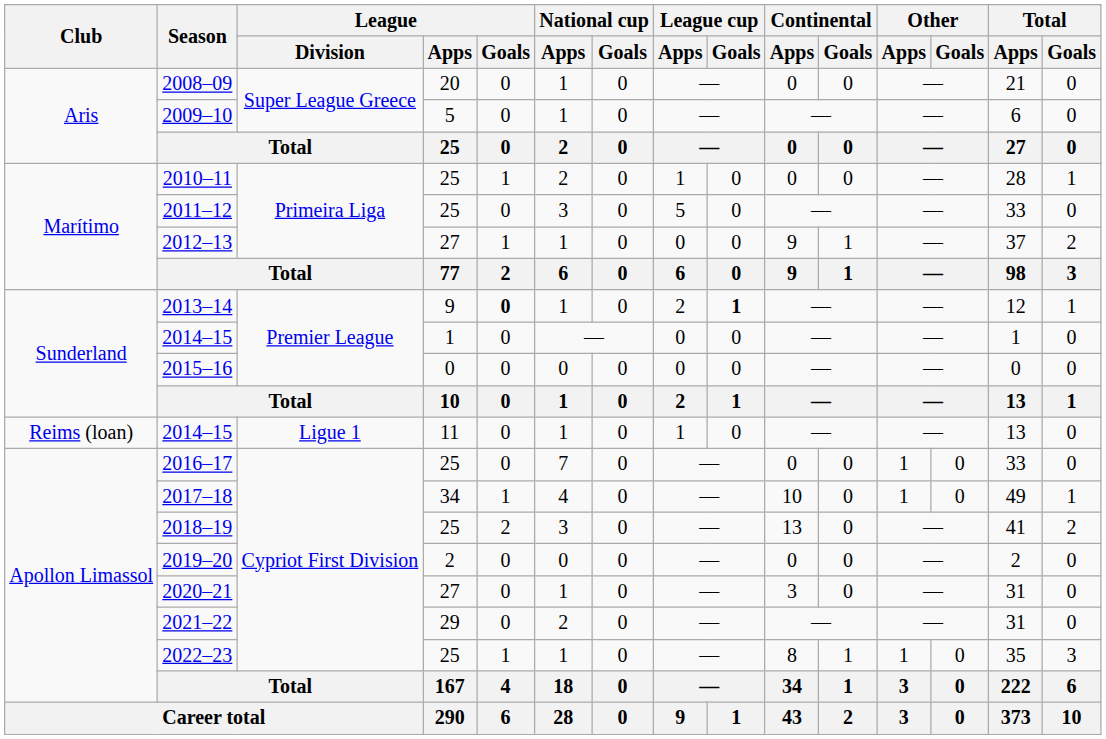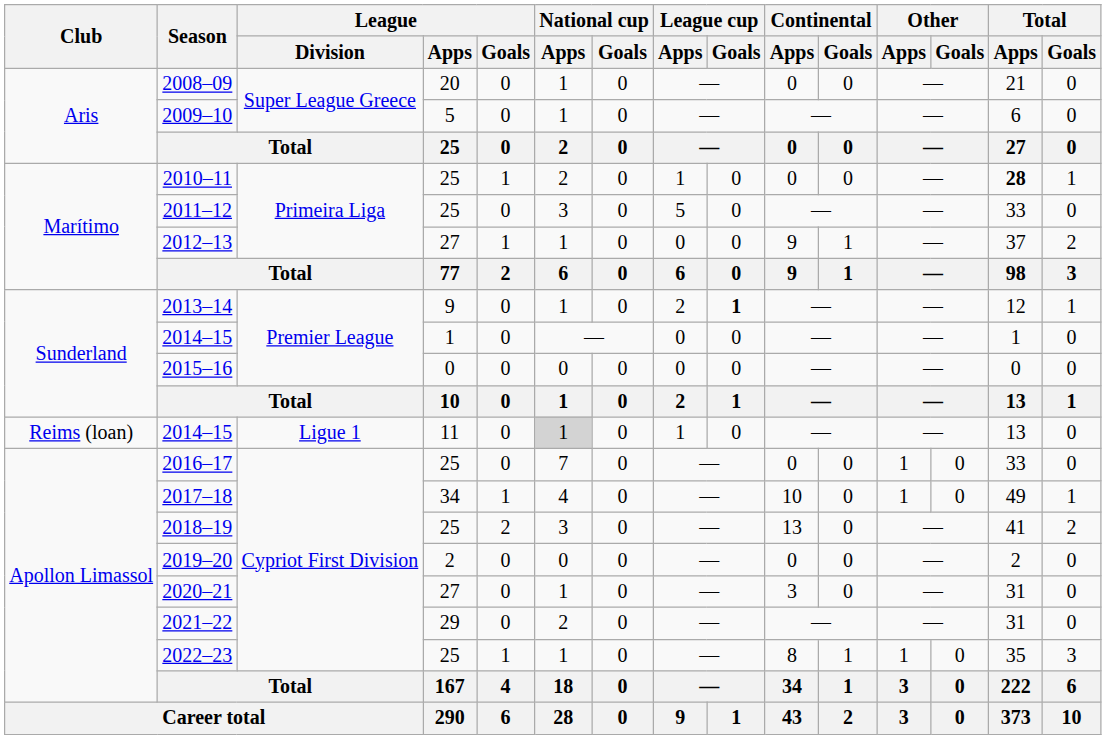 <table class="wikitable" style="text-align: center;">
 <tr>
 <th rowspan="2">Club</th>
 <th rowspan="2">Season</th>
 <th colspan="3">League</th>
 <th colspan="2">National cup</th>
 <th colspan="2">League cup</th>
 <th colspan="2">Continental</th>
 <th colspan="2">Other</th>
 <th colspan="2">Total</th>
 </tr>
 <tr>
 <th>Division</th>
 <th>Apps</th>
 <th>Goals</th>
 <th>Apps</th>
 <th>Goals</th>
 <th>Apps</th>
 <th>Goals</th>
 <th>Apps</th>
 <th>Goals</th>
 <th>Apps</th>
 <th>Goals</th>
 <th>Apps</th>
 <th>Goals</th>
 </tr>
 <tr>
 <td rowspan="3"><a href='#'>Aris</a></td>
 <td><a href='#'>2008–09</a></td>
 <td rowspan="2"><a href='#'>Super League Greece</a></td>
 <td>20</td>
 <td>0</td>
 <td>1</td>
 <td>0</td>
 <td colspan="2">—</td>
 <td>0</td>
 <td>0</td>
 <td colspan="2">—</td>
 <td>21</td>
 <td>0</td>
 </tr>
 <tr>
 <td><a href='#'>2009–10</a></td>
 <td>5</td>
 <td>0</td>
 <td>1</td>
 <td>0</td>
 <td colspan="2">—</td>
 <td colspan="2">—</td>
 <td colspan="2">—</td>
 <td>6</td>
 <td>0</td>
 </tr>
 <tr>
 <th colspan="2">Total</th>
 <th>25</th>
 <th>0</th>
 <th>2</th>
 <th>0</th>
 <th colspan="2">—</th>
 <th>0</th>
 <th>0</th>
 <th colspan="2">—</th>
 <th>27</th>
 <th>0</th>
 </tr>
 <tr>
 <td rowspan="4"><a href='#'>Marítimo</a></td>
 <td><a href='#'>2010–11</a></td>
 <td rowspan="3"><a href='#'>Primeira Liga</a></td>
 <td>25</td>
 <td>1</td>
 <td>2</td>
 <td>0</td>
 <td>1</td>
 <td>0</td>
 <td>0</td>
 <td>0</td>
 <td colspan="2">—</td>
-<td>28</td>
+<td><strong>28</strong></td>
 <td>1</td>
 </tr>
 <tr>
 <td><a href='#'>2011–12</a></td>
 <td>25</td>
 <td>0</td>
 <td>3</td>
 <td>0</td>
 <td>5</td>
 <td>0</td>
 <td colspan="2">—</td>
 <td colspan="2">—</td>
 <td>33</td>
 <td>0</td>
 </tr>
 <tr>
 <td><a href='#'>2012–13</a></td>
 <td>27</td>
 <td>1</td>
 <td>1</td>
 <td>0</td>
 <td>0</td>
 <td>0</td>
 <td>9</td>
 <td>1</td>
 <td colspan="2">—</td>
 <td>37</td>
 <td>2</td>
 </tr>
 <tr>
 <th colspan="2">Total</th>
 <th>77</th>
 <th>2</th>
 <th>6</th>
 <th>0</th>
 <th>6</th>
 <th>0</th>
 <th>9</th>
 <th>1</th>
 <th colspan="2">—</th>
 <th>98</th>
 <th>3</th>
 </tr>
 <tr>
 <td rowspan="4"><a href='#'>Sunderland</a></td>
 <td><a href='#'>2013–14</a></td>
 <td rowspan="3"><a href='#'>Premier League</a></td>
 <td>9</td>
-<td><strong>0</strong></td>
+<td>0</td>
 <td>1</td>
 <td>0</td>
 <td>2</td>
 <td><strong>1</strong></td>
 <td colspan="2">—</td>
 <td colspan="2">—</td>
 <td>12</td>
 <td>1</td>
 </tr>
 <tr>
 <td><a href='#'>2014–15</a></td>
 <td>1</td>
 <td>0</td>
 <td colspan="2">—</td>
 <td>0</td>
 <td>0</td>
 <td colspan="2">—</td>
 <td colspan="2">—</td>
 <td>1</td>
 <td>0</td>
 </tr>
 <tr>
 <td><a href='#'>2015–16</a></td>
 <td>0</td>
 <td>0</td>
 <td>0</td>
 <td>0</td>
 <td>0</td>
 <td>0</td>
 <td colspan="2">—</td>
 <td colspan="2">—</td>
 <td>0</td>
 <td>0</td>
 </tr>
 <tr>
 <th colspan="2">Total</th>
 <th>10</th>
 <th>0</th>
 <th>1</th>
 <th>0</th>
 <th>2</th>
 <th>1</th>
 <th colspan="2">—</th>
 <th colspan="2">—</th>
 <th>13</th>
 <th>1</th>
 </tr>
 <tr>
 <td><a href='#'>Reims</a> (loan)</td>
 <td><a href='#'>2014–15</a></td>
 <td><a href='#'>Ligue 1</a></td>
 <td>11</td>
 <td>0</td>
-<td>1</td>
+<td style="background: lightgrey;">1</td>
 <td>0</td>
 <td>1</td>
 <td>0</td>
 <td colspan="2">—</td>
 <td colspan="2">—</td>
 <td>13</td>
 <td>0</td>
 </tr>
 <tr>
 <td rowspan="8"><a href='#'>Apollon Limassol</a></td>
 <td><a href='#'>2016–17</a></td>
 <td rowspan="7"><a href='#'>Cypriot First Division</a></td>
 <td>25</td>
 <td>0</td>
 <td>7</td>
 <td>0</td>
 <td colspan="2">—</td>
 <td>0</td>
 <td>0</td>
 <td>1</td>
 <td>0</td>
 <td>33</td>
 <td>0</td>
 </tr>
 <tr>
 <td><a href='#'>2017–18</a></td>
 <td>34</td>
 <td>1</td>
 <td>4</td>
 <td>0</td>
 <td colspan="2">—</td>
 <td>10</td>
 <td>0</td>
 <td>1</td>
 <td>0</td>
 <td>49</td>
 <td>1</td>
 </tr>
 <tr>
 <td><a href='#'>2018–19</a></td>
 <td>25</td>
 <td>2</td>
 <td>3</td>
 <td>0</td>
 <td colspan="2">—</td>
 <td>13</td>
 <td>0</td>
 <td colspan="2">—</td>
 <td>41</td>
 <td>2</td>
 </tr>
 <tr>
 <td><a href='#'>2019–20</a></td>
 <td>2</td>
 <td>0</td>
 <td>0</td>
 <td>0</td>
 <td colspan="2">—</td>
 <td>0</td>
 <td>0</td>
 <td colspan="2">—</td>
 <td>2</td>
 <td>0</td>
 </tr>
 <tr>
 <td><a href='#'>2020–21</a></td>
 <td>27</td>
 <td>0</td>
 <td>1</td>
 <td>0</td>
 <td colspan="2">—</td>
 <td>3</td>
 <td>0</td>
 <td colspan="2">—</td>
 <td>31</td>
 <td>0</td>
 </tr>
 <tr>
 <td><a href='#'>2021–22</a></td>
 <td>29</td>
 <td>0</td>
 <td>2</td>
 <td>0</td>
 <td colspan="2">—</td>
 <td colspan="2">—</td>
 <td colspan="2">—</td>
 <td>31</td>
 <td>0</td>
 </tr>
 <tr>
 <td><a href='#'>2022–23</a></td>
 <td>25</td>
 <td>1</td>
 <td>1</td>
 <td>0</td>
 <td colspan="2">—</td>
 <td>8</td>
 <td>1</td>
 <td>1</td>
 <td>0</td>
 <td>35</td>
 <td>3</td>
 </tr>
 <tr>
 <th colspan="2">Total</th>
 <th>167</th>
 <th>4</th>
 <th>18</th>
 <th>0</th>
 <th colspan="2">—</th>
 <th>34</th>
 <th>1</th>
 <th>3</th>
 <th>0</th>
 <th>222</th>
 <th>6</th>
 </tr>
 <tr>
 <th colspan=3>Career total</th>
 <th>290</th>
 <th>6</th>
 <th>28</th>
 <th>0</th>
 <th>9</th>
 <th>1</th>
 <th>43</th>
 <th>2</th>
 <th>3</th>
 <th>0</th>
 <th>373</th>
 <th>10</th>
 </tr>
 </table>
